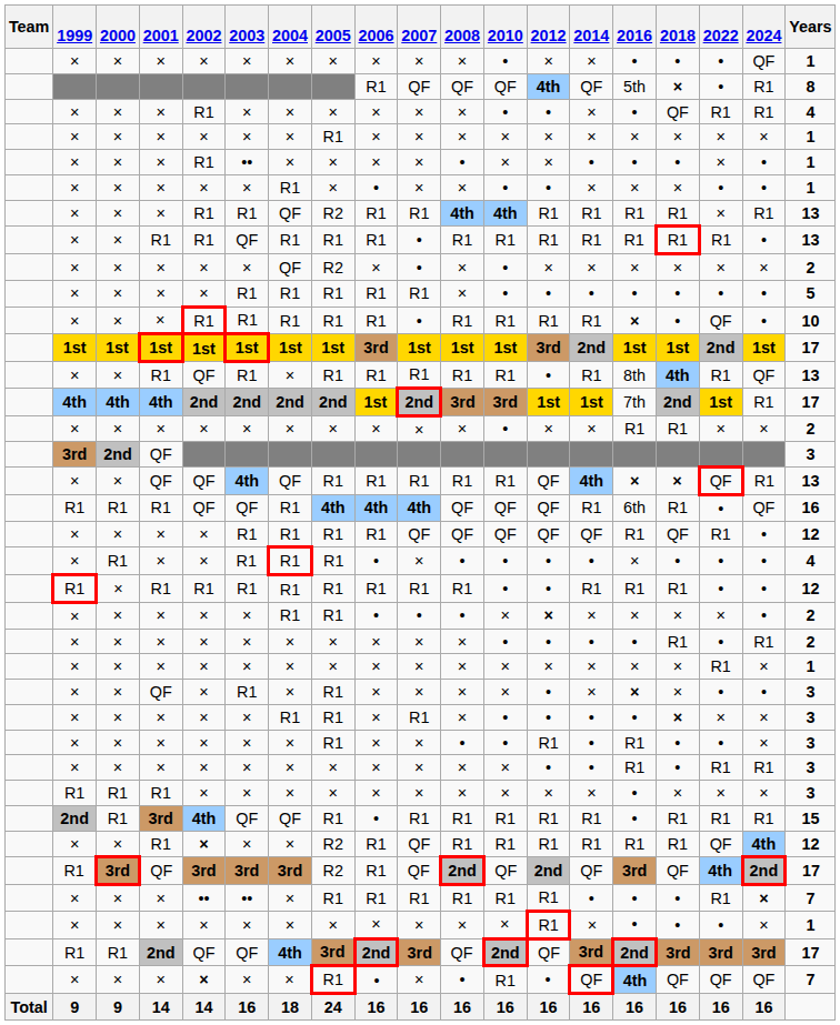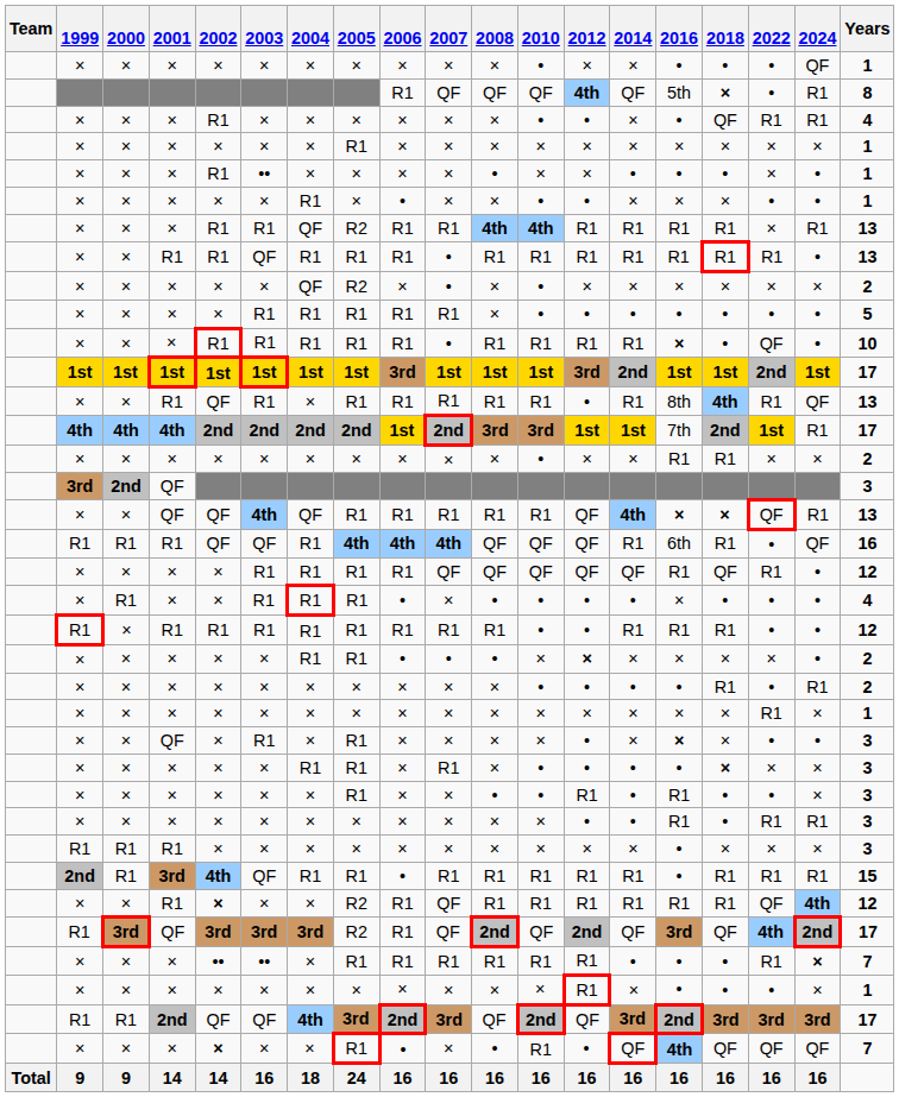 <table class="wikitable" style="text-align:center; font-size:90%;">
 <tr>
 <th width=170>Team</th>
 <th><br><a href='#'>1999</a></th>
 <th><br><a href='#'>2000</a></th>
 <th><br><a href='#'>2001</a></th>
 <th><br><a href='#'>2002</a></th>
 <th><br><a href='#'>2003</a></th>
 <th><br><a href='#'>2004</a></th>
 <th><br><a href='#'>2005</a></th>
 <th><br><a href='#'>2006</a></th>
 <th><br><a href='#'>2007</a></th>
 <th><br><a href='#'>2008</a></th>
 <th><br><a href='#'>2010</a></th>
 <th><br><a href='#'>2012</a></th>
 <th><br><a href='#'>2014</a></th>
 <th><br><a href='#'>2016</a></th>
 <th><br><a href='#'>2018</a></th>
 <th><br><a href='#'>2022</a></th>
 <th><br><a href='#'>2024</a></th>
 <th>Years</th>
 </tr>
 <tr>
 <td align=left></td>
 <td>×</td>
 <td>×</td>
 <td>×</td>
 <td>×</td>
 <td>×</td>
 <td>×</td>
 <td>×</td>
 <td>×</td>
 <td>×</td>
 <td>×</td>
 <td>•</td>
 <td>×</td>
 <td>×</td>
 <td>•</td>
 <td>•</td>
 <td>•</td>
 <td>QF</td>
 <td><strong>1</strong></td>
 </tr>
 <tr>
 <td align=left></td>
 <td bgcolor=gray></td>
 <td bgcolor=gray></td>
 <td bgcolor=gray></td>
 <td bgcolor=gray></td>
 <td bgcolor=gray></td>
 <td bgcolor=gray></td>
 <td bgcolor=gray></td>
 <td>R1</td>
 <td>QF</td>
 <td>QF</td>
 <td>QF</td>
 <td bgcolor=9acdff><strong>4th</strong></td>
 <td>QF</td>
 <td>5th</td>
 <td><strong>×</strong></td>
 <td>•</td>
 <td>R1</td>
 <td><strong>8</strong></td>
 </tr>
 <tr>
 <td align=left></td>
 <td>×</td>
 <td>×</td>
 <td>×</td>
 <td>R1</td>
 <td>×</td>
 <td>×</td>
 <td>×</td>
 <td>×</td>
 <td>×</td>
 <td>×</td>
 <td>•</td>
 <td>•</td>
 <td>×</td>
 <td>•</td>
 <td>QF</td>
 <td>R1</td>
 <td>R1</td>
 <td><strong>4</strong></td>
 </tr>
 <tr>
 <td align=left></td>
 <td>×</td>
 <td>×</td>
 <td>×</td>
 <td>×</td>
 <td>×</td>
 <td>×</td>
 <td>R1</td>
 <td>×</td>
 <td>×</td>
 <td>×</td>
 <td>×</td>
 <td>×</td>
 <td>×</td>
 <td>×</td>
 <td>×</td>
 <td>×</td>
 <td>×</td>
 <td><strong>1</strong></td>
 </tr>
 <tr>
 <td align=left></td>
 <td>×</td>
 <td>×</td>
 <td>×</td>
 <td>R1</td>
 <td>••</td>
 <td>×</td>
 <td>×</td>
 <td>×</td>
 <td>×</td>
 <td>•</td>
 <td>×</td>
 <td>×</td>
 <td>•</td>
 <td>•</td>
 <td>•</td>
 <td>×</td>
 <td>•</td>
 <td><strong>1</strong></td>
 </tr>
 <tr>
 <td align=left></td>
 <td>×</td>
 <td>×</td>
 <td>×</td>
 <td>×</td>
 <td>×</td>
 <td>R1</td>
 <td>×</td>
 <td>•</td>
 <td>×</td>
 <td>×</td>
 <td>•</td>
 <td>•</td>
 <td>×</td>
 <td>×</td>
 <td>×</td>
 <td>•</td>
 <td>•</td>
 <td><strong>1</strong></td>
 </tr>
 <tr>
 <td align=left></td>
 <td>×</td>
 <td>×</td>
 <td>×</td>
 <td>R1</td>
 <td>R1</td>
 <td>QF</td>
 <td>R2</td>
 <td>R1</td>
 <td>R1</td>
 <td bgcolor=9acdff><strong>4th</strong></td>
 <td bgcolor=9acdff><strong>4th</strong></td>
 <td>R1</td>
 <td>R1</td>
 <td>R1</td>
 <td>R1</td>
 <td>×</td>
 <td>R1</td>
 <td><strong>13</strong></td>
 </tr>
 <tr>
 <td align=left></td>
 <td>×</td>
 <td>×</td>
 <td>R1</td>
 <td>R1</td>
 <td>QF</td>
 <td>R1</td>
 <td>R1</td>
 <td>R1</td>
 <td>•</td>
 <td>R1</td>
 <td>R1</td>
 <td>R1</td>
 <td>R1</td>
 <td>R1</td>
 <td style="border:3px solid red">R1</td>
 <td>R1</td>
 <td>•</td>
 <td><strong>13</strong></td>
 </tr>
 <tr>
 <td align=left></td>
 <td>×</td>
 <td>×</td>
 <td>×</td>
 <td>×</td>
 <td>×</td>
 <td>QF</td>
 <td>R2</td>
 <td>×</td>
 <td>•</td>
 <td>×</td>
 <td>•</td>
 <td>×</td>
 <td>×</td>
 <td>×</td>
 <td>×</td>
 <td>×</td>
 <td>×</td>
 <td><strong>2</strong></td>
 </tr>
 <tr>
 <td align=left></td>
 <td>×</td>
 <td>×</td>
 <td>×</td>
 <td>×</td>
 <td>R1</td>
 <td>R1</td>
 <td>R1</td>
 <td>R1</td>
 <td>R1</td>
 <td>×</td>
 <td>•</td>
 <td>•</td>
 <td>•</td>
 <td>•</td>
 <td>•</td>
 <td>•</td>
 <td>•</td>
 <td><strong>5</strong></td>
 </tr>
 <tr>
 <td align=left></td>
 <td>×</td>
 <td>×</td>
 <td>×</td>
 <td style="border:3px solid red">R1</td>
 <td>R1</td>
 <td>R1</td>
 <td>R1</td>
 <td>R1</td>
 <td>•</td>
 <td>R1</td>
 <td>R1</td>
 <td>R1</td>
 <td>R1</td>
 <td><strong>×</strong></td>
 <td>•</td>
 <td>QF</td>
 <td>•</td>
 <td><strong>10</strong></td>
 </tr>
 <tr>
 <td align=left></td>
 <td bgcolor=gold><strong>1st</strong></td>
 <td bgcolor=gold><strong>1st</strong></td>
 <td bgcolor=gold style="border:3px solid red"><strong>1st</strong></td>
 <td bgcolor=gold><strong>1st</strong></td>
 <td bgcolor=gold style="border:3px solid red"><strong>1st</strong></td>
 <td bgcolor=gold><strong>1st</strong></td>
 <td bgcolor=gold><strong>1st</strong></td>
 <td bgcolor=#cc9966><strong>3rd</strong></td>
 <td bgcolor=gold><strong>1st</strong></td>
 <td bgcolor=gold><strong>1st</strong></td>
 <td bgcolor=gold><strong>1st</strong></td>
 <td bgcolor=#cc9966><strong>3rd</strong></td>
 <td bgcolor=silver><strong>2nd</strong></td>
 <td bgcolor=gold><strong>1st</strong></td>
 <td bgcolor=gold><strong>1st</strong></td>
 <td bgcolor=silver><strong>2nd</strong></td>
 <td bgcolor=gold><strong>1st</strong></td>
 <td><strong>17</strong></td>
 </tr>
 <tr>
 <td align=left></td>
 <td>×</td>
 <td>×</td>
 <td>R1</td>
 <td>QF</td>
 <td>R1</td>
 <td>×</td>
 <td>R1</td>
 <td>R1</td>
 <td>R1</td>
 <td>R1</td>
 <td>R1</td>
 <td>•</td>
 <td>R1</td>
 <td>8th</td>
 <td bgcolor="9acdff"><strong>4th</strong></td>
 <td>R1</td>
 <td>QF</td>
 <td><strong>13</strong></td>
 </tr>
 <tr>
 <td align=left></td>
 <td bgcolor=9acdff><strong>4th</strong></td>
 <td bgcolor=9acdff><strong>4th</strong></td>
 <td bgcolor=9acdff><strong>4th</strong></td>
 <td bgcolor=silver><strong>2nd</strong></td>
 <td bgcolor=silver><strong>2nd</strong></td>
 <td bgcolor=silver><strong>2nd</strong></td>
 <td bgcolor=silver><strong>2nd</strong></td>
 <td bgcolor=gold><strong>1st</strong></td>
 <td bgcolor=silver style="border:3px solid red"><strong>2nd</strong></td>
 <td bgcolor=#cc9966><strong>3rd</strong></td>
 <td bgcolor=#cc9966><strong>3rd</strong></td>
 <td bgcolor=gold><strong>1st</strong></td>
 <td bgcolor=gold><strong>1st</strong></td>
 <td>7th</td>
 <td bgcolor="silver"><strong>2nd</strong></td>
 <td bgcolor=gold><strong>1st</strong></td>
 <td>R1</td>
 <td><strong>17</strong></td>
 </tr>
 <tr>
 <td align=left></td>
 <td>×</td>
 <td>×</td>
 <td>×</td>
 <td>×</td>
 <td>×</td>
 <td>×</td>
 <td>×</td>
 <td>×</td>
 <td>×</td>
 <td>×</td>
 <td>•</td>
 <td>×</td>
 <td>×</td>
 <td>R1</td>
 <td>R1</td>
 <td>×</td>
 <td>×</td>
 <td><strong>2</strong></td>
 </tr>
 <tr>
 <td align=left></td>
 <td bgcolor=#cc9966><strong>3rd</strong></td>
 <td bgcolor=silver><strong>2nd</strong></td>
 <td>QF</td>
 <td bgcolor=gray></td>
 <td bgcolor=gray></td>
 <td bgcolor=gray></td>
 <td bgcolor=gray></td>
 <td bgcolor=gray></td>
 <td bgcolor=gray></td>
 <td bgcolor=gray></td>
 <td bgcolor=gray></td>
 <td bgcolor=gray></td>
 <td bgcolor=gray></td>
 <td bgcolor=gray></td>
 <td bgcolor=gray></td>
 <td bgcolor="gray"></td>
 <td bgcolor="gray"></td>
 <td><strong>3</strong></td>
 </tr>
 <tr>
 <td align=left></td>
 <td>×</td>
 <td>×</td>
 <td>QF</td>
 <td>QF</td>
 <td bgcolor=9acdff><strong>4th</strong></td>
 <td>QF</td>
 <td>R1</td>
 <td>R1</td>
 <td>R1</td>
 <td>R1</td>
 <td>R1</td>
 <td>QF</td>
 <td bgcolor=9acdff><strong>4th</strong></td>
 <td><strong>×</strong></td>
 <td><strong>×</strong></td>
 <td style="border:3px solid red">QF</td>
 <td>R1</td>
 <td><strong>13</strong></td>
 </tr>
 <tr>
 <td align=left></td>
 <td>R1</td>
 <td>R1</td>
 <td>R1</td>
 <td>QF</td>
 <td>QF</td>
 <td>R1</td>
 <td bgcolor=9acdff><strong>4th</strong></td>
 <td bgcolor=9acdff><strong>4th</strong></td>
 <td bgcolor=9acdff><strong>4th</strong></td>
 <td>QF</td>
 <td>QF</td>
 <td>QF</td>
 <td>R1</td>
 <td>6th</td>
 <td>R1</td>
 <td>•</td>
 <td>QF</td>
 <td><strong>16</strong></td>
 </tr>
 <tr>
 <td align=left></td>
 <td>×</td>
 <td>×</td>
 <td>×</td>
 <td>×</td>
 <td>R1</td>
 <td>R1</td>
 <td>R1</td>
 <td>R1</td>
 <td>QF</td>
 <td>QF</td>
 <td>QF</td>
 <td>QF</td>
 <td>QF</td>
 <td>R1</td>
 <td>QF</td>
 <td>R1</td>
 <td>•</td>
 <td><strong>12</strong></td>
 </tr>
 <tr>
 <td align=left></td>
 <td>×</td>
 <td>R1</td>
 <td>×</td>
 <td>×</td>
 <td>R1</td>
 <td style="border:3px solid red">R1</td>
 <td>R1</td>
 <td>•</td>
 <td>×</td>
 <td>•</td>
 <td>•</td>
 <td>•</td>
 <td>•</td>
 <td>×</td>
 <td>•</td>
 <td>•</td>
 <td>•</td>
 <td><strong>4</strong></td>
 </tr>
 <tr>
 <td align=left></td>
 <td style="border:3px solid red">R1</td>
 <td>×</td>
 <td>R1</td>
 <td>R1</td>
 <td>R1</td>
 <td>R1</td>
 <td>R1</td>
 <td>R1</td>
 <td>R1</td>
 <td>R1</td>
 <td>•</td>
 <td>•</td>
 <td>R1</td>
 <td>R1</td>
 <td>R1</td>
 <td>•</td>
 <td>•</td>
 <td><strong>12</strong></td>
 </tr>
 <tr>
 <td align=left></td>
 <td>×</td>
 <td>×</td>
 <td>×</td>
 <td>×</td>
 <td>×</td>
 <td>R1</td>
 <td>R1</td>
 <td>•</td>
 <td>•</td>
 <td>•</td>
 <td>×</td>
 <td><strong>×</strong></td>
 <td>×</td>
 <td>×</td>
 <td>×</td>
 <td>×</td>
 <td>•</td>
 <td><strong>2</strong></td>
 </tr>
 <tr>
 <td align=left></td>
 <td>×</td>
 <td>×</td>
 <td>×</td>
 <td>×</td>
 <td>×</td>
 <td>×</td>
 <td>×</td>
 <td>×</td>
 <td>×</td>
 <td>×</td>
 <td>•</td>
 <td>•</td>
 <td>•</td>
 <td>•</td>
 <td>R1</td>
 <td>•</td>
 <td>R1</td>
 <td><strong>2</strong></td>
 </tr>
 <tr>
 <td align=left></td>
 <td>×</td>
 <td>×</td>
 <td>×</td>
 <td>×</td>
 <td>×</td>
 <td>×</td>
 <td>×</td>
 <td>×</td>
 <td>×</td>
 <td>×</td>
 <td>×</td>
 <td>×</td>
 <td>×</td>
 <td>×</td>
 <td>×</td>
 <td>R1</td>
 <td>×</td>
 <td><strong>1</strong></td>
 </tr>
 <tr>
 <td align=left></td>
 <td>×</td>
 <td>×</td>
 <td>QF</td>
 <td>×</td>
 <td>R1</td>
 <td>×</td>
 <td>R1</td>
 <td>×</td>
 <td>×</td>
 <td>×</td>
 <td>×</td>
 <td>•</td>
 <td>×</td>
 <td><strong>×</strong></td>
 <td>×</td>
 <td>•</td>
 <td>•</td>
 <td><strong>3</strong></td>
 </tr>
 <tr>
 <td align=left></td>
 <td>×</td>
 <td>×</td>
 <td>×</td>
 <td>×</td>
 <td>×</td>
 <td>R1</td>
 <td>R1</td>
 <td>×</td>
 <td>R1</td>
 <td>×</td>
 <td>•</td>
 <td>•</td>
 <td>•</td>
 <td>•</td>
 <td><strong>×</strong></td>
 <td>×</td>
 <td>×</td>
 <td><strong>3</strong></td>
 </tr>
 <tr>
 <td align=left></td>
 <td>×</td>
 <td>×</td>
 <td>×</td>
 <td>×</td>
 <td>×</td>
 <td>×</td>
 <td>R1</td>
 <td>×</td>
 <td>×</td>
 <td>•</td>
 <td>•</td>
 <td>R1</td>
 <td>•</td>
 <td>R1</td>
 <td>•</td>
 <td>•</td>
 <td>×</td>
 <td><strong>3</strong></td>
 </tr>
 <tr>
 <td align=left></td>
 <td>×</td>
 <td>×</td>
 <td>×</td>
 <td>×</td>
 <td>×</td>
 <td>×</td>
 <td>×</td>
 <td>×</td>
 <td>×</td>
 <td>×</td>
 <td>×</td>
 <td>•</td>
 <td>•</td>
 <td>R1</td>
 <td>•</td>
 <td>R1</td>
 <td>R1</td>
 <td><strong>3</strong></td>
 </tr>
 <tr>
 <td align=left></td>
 <td>R1</td>
 <td>R1</td>
 <td>R1</td>
 <td>×</td>
 <td>×</td>
 <td>×</td>
 <td>×</td>
 <td>×</td>
 <td>×</td>
 <td>×</td>
 <td>×</td>
 <td>×</td>
 <td>×</td>
 <td>•</td>
 <td>×</td>
 <td>×</td>
 <td>×</td>
 <td><strong>3</strong></td>
 </tr>
 <tr>
 <td align=left></td>
 <td bgcolor=silver><strong>2nd</strong></td>
 <td>R1</td>
 <td bgcolor=#cc9966><strong>3rd</strong></td>
 <td bgcolor=9acdff><strong>4th</strong></td>
 <td>QF</td>
-<td>QF</td>
+<td>R1</td>
 <td>R1</td>
 <td>•</td>
 <td>R1</td>
 <td>R1</td>
 <td>R1</td>
 <td>R1</td>
 <td>R1</td>
 <td>•</td>
 <td>R1</td>
 <td>R1</td>
 <td>R1</td>
 <td><strong>15</strong></td>
 </tr>
 <tr>
 <td align=left></td>
 <td>×</td>
 <td>×</td>
 <td>R1</td>
 <td><strong>×</strong></td>
 <td>×</td>
 <td>×</td>
 <td>R2</td>
 <td>R1</td>
 <td>QF</td>
 <td>R1</td>
 <td>R1</td>
 <td>R1</td>
 <td>R1</td>
 <td>R1</td>
 <td>R1</td>
 <td>QF</td>
 <td bgcolor=9acdff><strong>4th</strong></td>
 <td><strong>12</strong></td>
 </tr>
 <tr>
 <td align=left></td>
 <td>R1</td>
 <td bgcolor=#cc9966 style="border:3px solid red"><strong>3rd</strong></td>
 <td>QF</td>
 <td bgcolor=#cc9966><strong>3rd</strong></td>
 <td bgcolor=#cc9966><strong>3rd</strong></td>
 <td bgcolor=#cc9966><strong>3rd</strong></td>
 <td>R2</td>
 <td>R1</td>
 <td>QF</td>
 <td bgcolor=silver style="border:3px solid red"><strong>2nd</strong></td>
 <td>QF</td>
 <td bgcolor=silver><strong>2nd</strong></td>
 <td>QF</td>
 <td bgcolor=#cc9966><strong>3rd</strong></td>
 <td>QF</td>
 <td bgcolor=9acdff><strong>4th</strong></td>
 <td bgcolor=silver style="border:3px solid red"><strong>2nd</strong></td>
 <td><strong>17</strong></td>
 </tr>
 <tr>
 <td align=left></td>
 <td>×</td>
 <td>×</td>
 <td>×</td>
 <td>••</td>
 <td>••</td>
 <td>×</td>
 <td>R1</td>
 <td>R1</td>
 <td>R1</td>
 <td>R1</td>
 <td>R1</td>
 <td>R1</td>
 <td>•</td>
 <td>•</td>
 <td>•</td>
 <td>R1</td>
 <td><strong>×</strong></td>
 <td><strong>7</strong></td>
 </tr>
 <tr>
 <td align=left></td>
 <td>×</td>
 <td>×</td>
 <td>×</td>
 <td>×</td>
 <td>×</td>
 <td>×</td>
 <td>×</td>
 <td>×</td>
 <td>×</td>
 <td>×</td>
 <td>×</td>
 <td style="border:3px solid red">R1</td>
 <td>×</td>
 <td>•</td>
 <td>•</td>
 <td>•</td>
 <td>×</td>
 <td><strong>1</strong></td>
 </tr>
 <tr>
 <td align=left></td>
 <td>R1</td>
 <td>R1</td>
 <td bgcolor=silver><strong>2nd</strong></td>
 <td>QF</td>
 <td>QF</td>
 <td bgcolor=9acdff><strong>4th</strong></td>
 <td bgcolor=#cc9966><strong>3rd</strong></td>
 <td bgcolor=silver style="border:3px solid red"><strong>2nd</strong></td>
 <td bgcolor=#cc9966><strong>3rd</strong></td>
 <td>QF</td>
 <td bgcolor=silver style="border:3px solid red"><strong>2nd</strong></td>
 <td>QF</td>
 <td bgcolor=#cc9966><strong>3rd</strong></td>
 <td bgcolor=silver style="border:3px solid red"><strong>2nd</strong></td>
 <td bgcolor=#cc9966><strong>3rd</strong></td>
 <td bgcolor=#cc9966><strong>3rd</strong></td>
 <td bgcolor=#cc9966><strong>3rd</strong></td>
 <td><strong>17</strong></td>
 </tr>
 <tr>
 <td align=left></td>
 <td>×</td>
 <td>×</td>
 <td>×</td>
 <td><strong>×</strong></td>
 <td>×</td>
 <td>×</td>
 <td style="border:3px solid red">R1</td>
 <td>•</td>
 <td>×</td>
 <td>•</td>
 <td>R1</td>
 <td>•</td>
 <td style="border:3px solid red">QF</td>
 <td bgcolor=9acdff><strong>4th</strong></td>
 <td>QF</td>
 <td>QF</td>
 <td>QF</td>
 <td><strong>7</strong></td>
 </tr>
 <tr>
 <th>Total</th>
 <th>9</th>
 <th>9</th>
 <th>14</th>
 <th>14</th>
 <th>16</th>
 <th>18</th>
 <th>24</th>
 <th>16</th>
 <th>16</th>
 <th>16</th>
 <th>16</th>
 <th>16</th>
 <th>16</th>
 <th>16</th>
 <th>16</th>
 <th>16</th>
 <th>16</th>
 </tr>
 </table>
